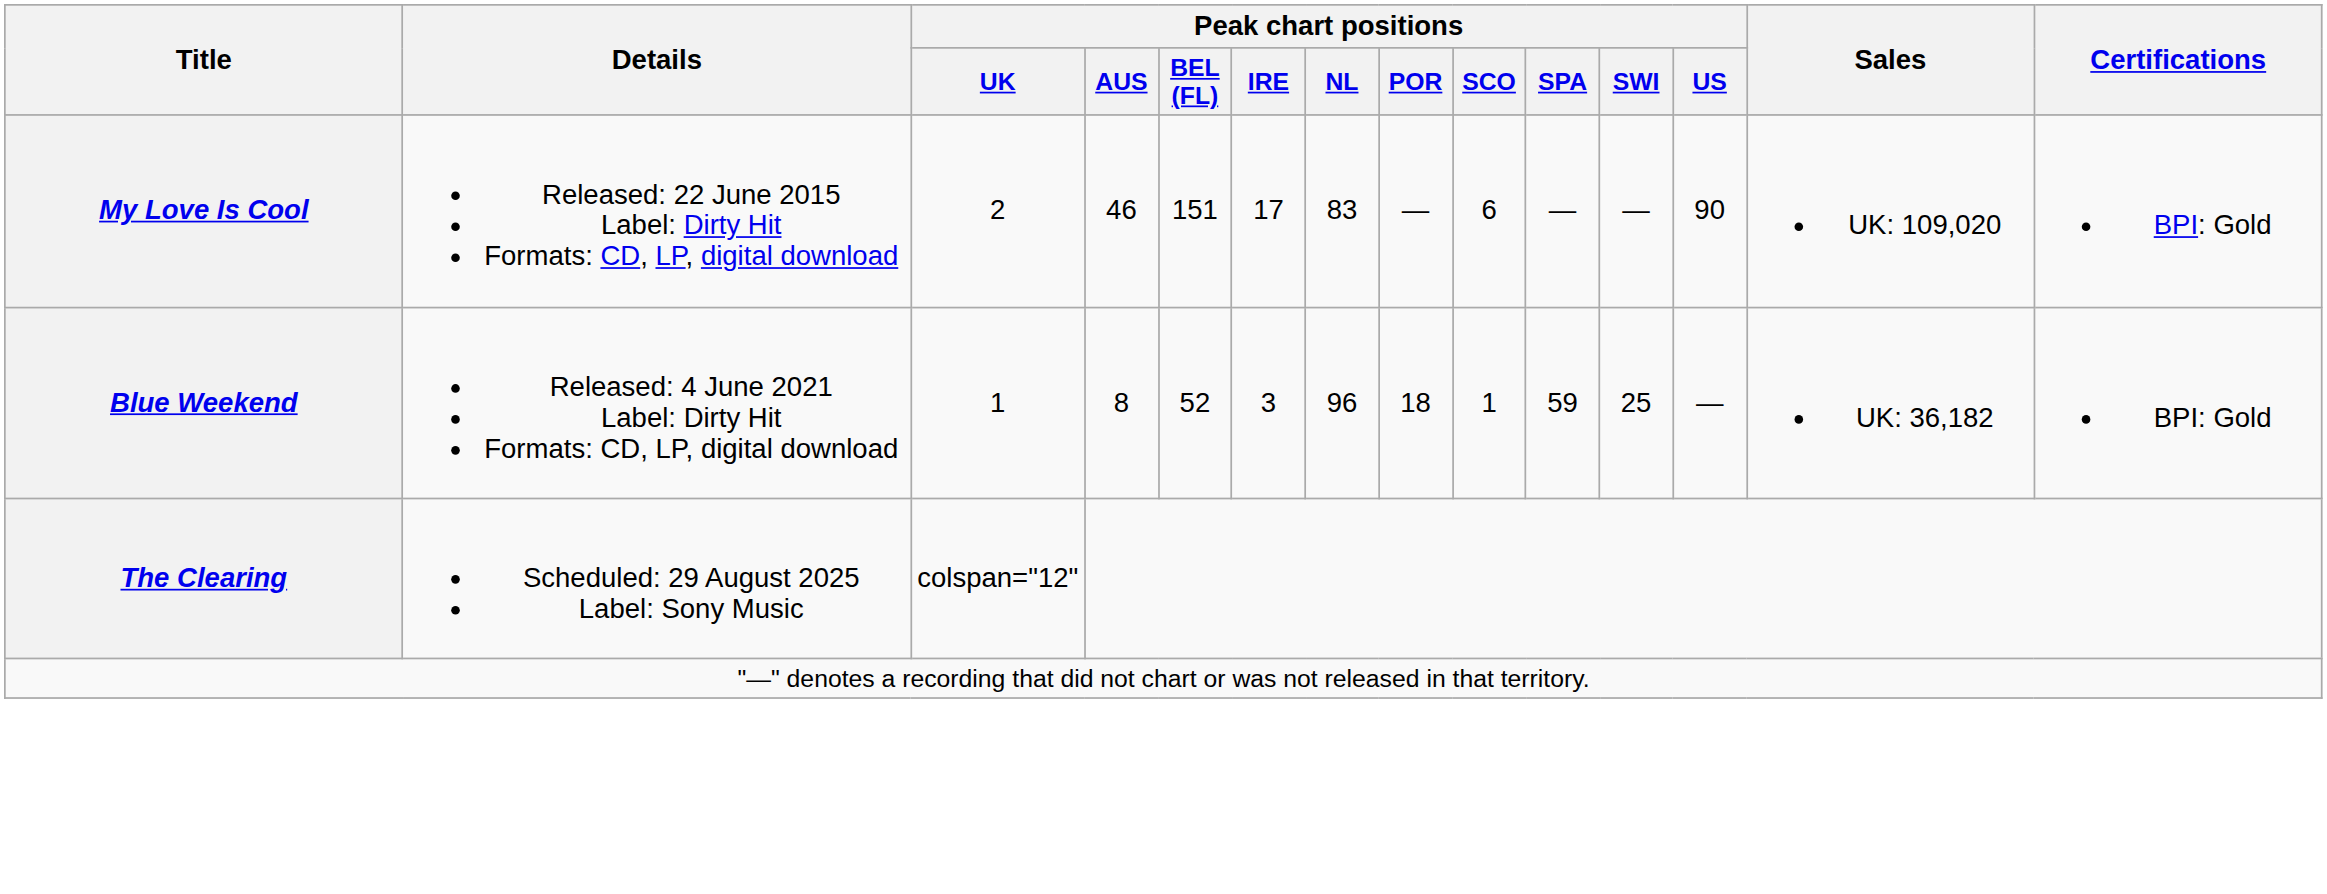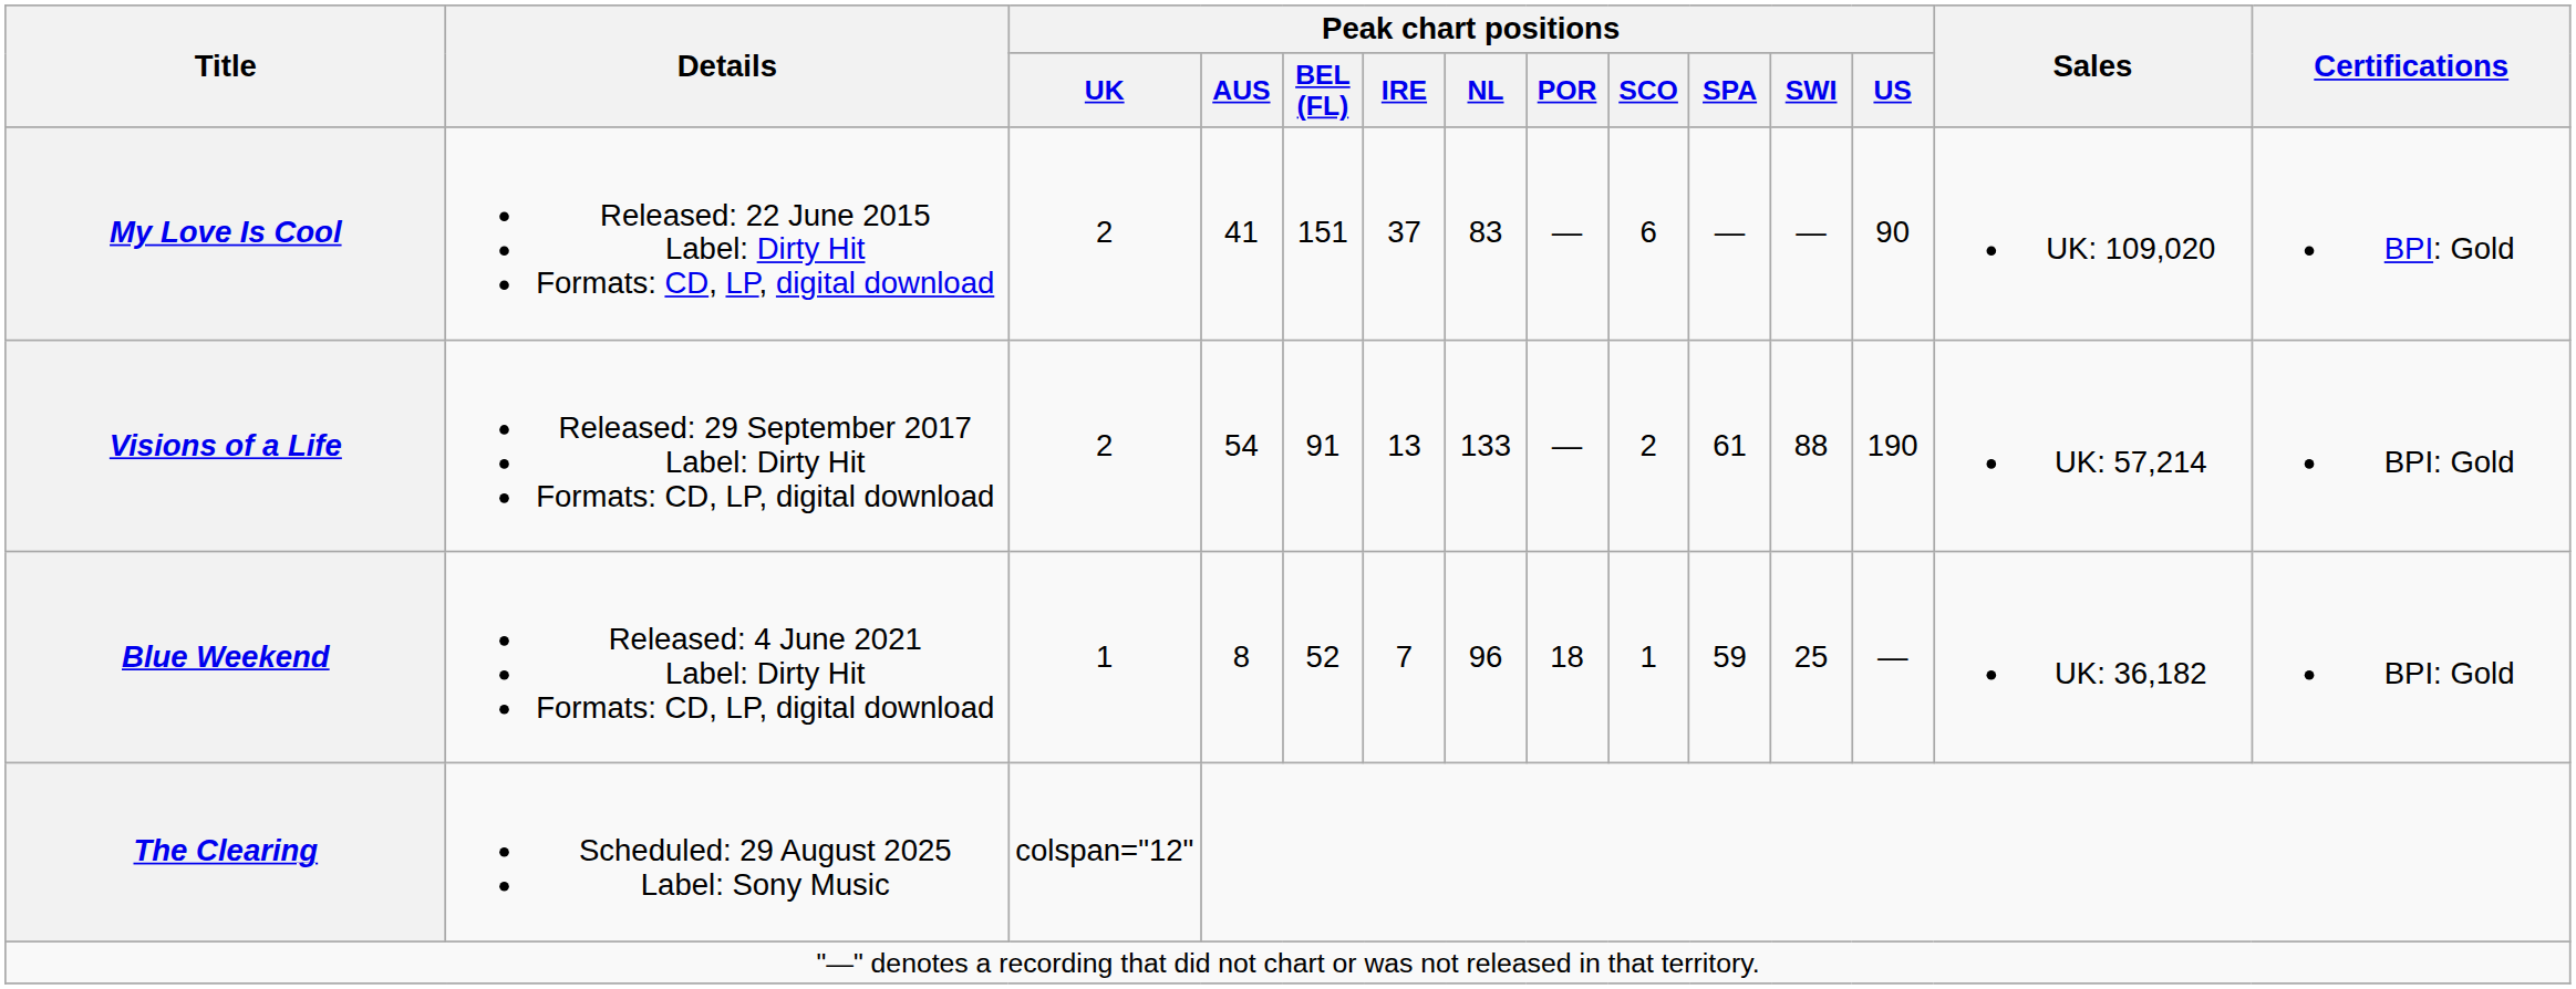 <table class="wikitable plainrowheaders" style="text-align:center;">
 <tr>
 <th scope="col" rowspan="2" style="width:14em;">Title</th>
 <th scope="col" rowspan="2" style="width:18em;">Details</th>
 <th scope="col" colspan="10">Peak chart positions</th>
 <th scope="col" rowspan="2" style="width:10em;">Sales</th>
 <th scope="col" rowspan="2" style="width:10em;"><a href='#'>Certifications</a></th>
 </tr>
 <tr>
 <th scope="col" style="width:2.5em;font-size:90%;"><a href='#'>UK</a><br></th>
 <th scope="col" style="width:2.5em;font-size:90%;"><a href='#'>AUS</a><br></th>
 <th scope="col" style="width:2.5em;font-size:90%;"><a href='#'>BEL<br>(FL)</a><br></th>
 <th scope="col" style="width:2.5em;font-size:90%;"><a href='#'>IRE</a><br></th>
 <th scope="col" style="width:2.5em;font-size:90%;"><a href='#'>NL</a><br></th>
 <th scope="col" style="width:2.5em;font-size:90%;"><a href='#'>POR</a><br></th>
 <th scope="col" style="width:2.5em;font-size:90%;"><a href='#'>SCO</a><br></th>
 <th scope="col" style="width:2.5em;font-size:90%;"><a href='#'>SPA</a><br></th>
 <th scope="col" style="width:2.5em;font-size:90%;"><a href='#'>SWI</a><br></th>
 <th scope="col" style="width:2.5em;font-size:90%;"><a href='#'>US</a><br></th>
 </tr>
 <tr>
 <th scope="row"><em><a href='#'>My Love Is Cool</a></em></th>
 <td><br><ul><li>Released: 22 June 2015</li><li>Label: <a href='#'>Dirty Hit</a></li><li>Formats: <a href='#'>CD</a>, <a href='#'>LP</a>, <a href='#'>digital download</a></li></ul></td>
 <td>2</td>
-<td>46</td>
+<td>41</td>
 <td>151</td>
-<td>17</td>
+<td>37</td>
 <td>83</td>
 <td>—</td>
 <td>6</td>
 <td>—</td>
 <td>—</td>
 <td>90</td>
 <td><br><ul><li>UK: 109,020</li></ul></td>
 <td><br><ul><li><a href='#'>BPI</a>: Gold</li></ul></td>
 </tr>
 <tr>
+<th scope="row"><em><a href='#'>Visions of a Life</a></em></th>
+<td><br><ul><li>Released: 29 September 2017</li><li>Label: Dirty Hit</li><li>Formats: CD, LP, digital download</li></ul></td>
+<td>2</td>
+<td>54</td>
+<td>91</td>
+<td>13</td>
+<td>133</td>
+<td>—</td>
+<td>2</td>
+<td>61</td>
+<td>88</td>
+<td>190</td>
+<td><br><ul><li>UK: 57,214</li></ul></td>
+<td><br><ul><li>BPI: Gold</li></ul></td>
+</tr>
+<tr>
 <th scope="row"><em><a href='#'>Blue Weekend</a></em></th>
 <td><br><ul><li>Released: 4 June 2021</li><li>Label: Dirty Hit</li><li>Formats: CD, LP, digital download</li></ul></td>
 <td>1</td>
 <td>8</td>
 <td>52</td>
-<td>3</td>
+<td>7</td>
 <td>96</td>
 <td>18</td>
 <td>1</td>
 <td>59</td>
 <td>25</td>
 <td>—</td>
 <td><br><ul><li>UK: 36,182</li></ul></td>
 <td><br><ul><li>BPI: Gold</li></ul></td>
 </tr>
 <tr>
 <th scope="row"><em><a href='#'>The Clearing</a></em></th>
 <td><br><ul><li>Scheduled: 29 August 2025</li><li>Label: Sony Music</li></ul></td>
 <td>colspan="12" </td>
 </tr>
 <tr>
 <td colspan="14" style="font-size:90%">"—" denotes a recording that did not chart or was not released in that territory.</td>
 </tr>
 </table>
